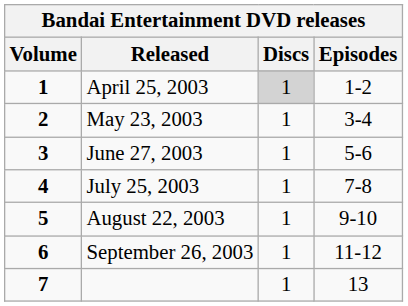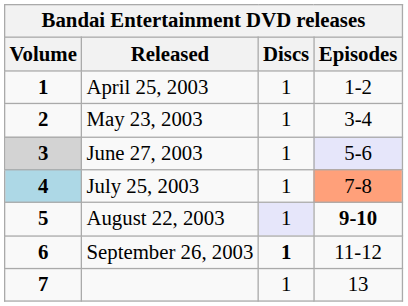 <table class="wikitable">
 <tr>
 <th colspan="9"><strong>Bandai Entertainment DVD releases</strong></th>
 </tr>
 <tr>
 <th><strong>Volume</strong></th>
 <th><strong>Released</strong></th>
 <th><strong>Discs</strong></th>
 <th><strong>Episodes</strong></th>
 </tr>
 <tr>
 <td align=center><strong>1</strong></td>
 <td>April 25, 2003</td>
-<td align=center style="background: lightgrey;">1</td>
+<td align=center>1</td>
 <td align=center>1-2</td>
 </tr>
 <tr>
 <td align=center><strong>2</strong></td>
 <td>May 23, 2003</td>
 <td align=center>1</td>
 <td align=center>3-4</td>
 </tr>
 <tr>
-<td align=center><strong>3</strong></td>
+<td align=center style="background: lightgrey;"><strong>3</strong></td>
 <td>June 27, 2003</td>
 <td align=center>1</td>
-<td align=center>5-6</td>
+<td align=center style="background: lavender;">5-6</td>
 </tr>
 <tr>
-<td align=center><strong>4</strong></td>
+<td align=center style="background: lightblue;"><strong>4</strong></td>
 <td>July 25, 2003</td>
 <td align=center>1</td>
-<td align=center>7-8</td>
+<td align=center style="background: lightsalmon;">7-8</td>
 </tr>
 <tr>
 <td align=center><strong>5</strong></td>
 <td>August 22, 2003</td>
-<td align=center>1</td>
-<td align=center>9-10</td>
+<td align=center style="background: lavender;">1</td>
+<td align=center><strong>9-10</strong></td>
 </tr>
 <tr>
 <td align=center><strong>6</strong></td>
 <td>September 26, 2003</td>
-<td align=center>1</td>
+<td align=center><strong>1</strong></td>
 <td align=center>11-12</td>
 </tr>
 <tr>
 <td align=center><strong>7</strong></td>
 <td></td>
 <td align=center>1</td>
 <td align=center>13</td>
 </tr>
 </table>
